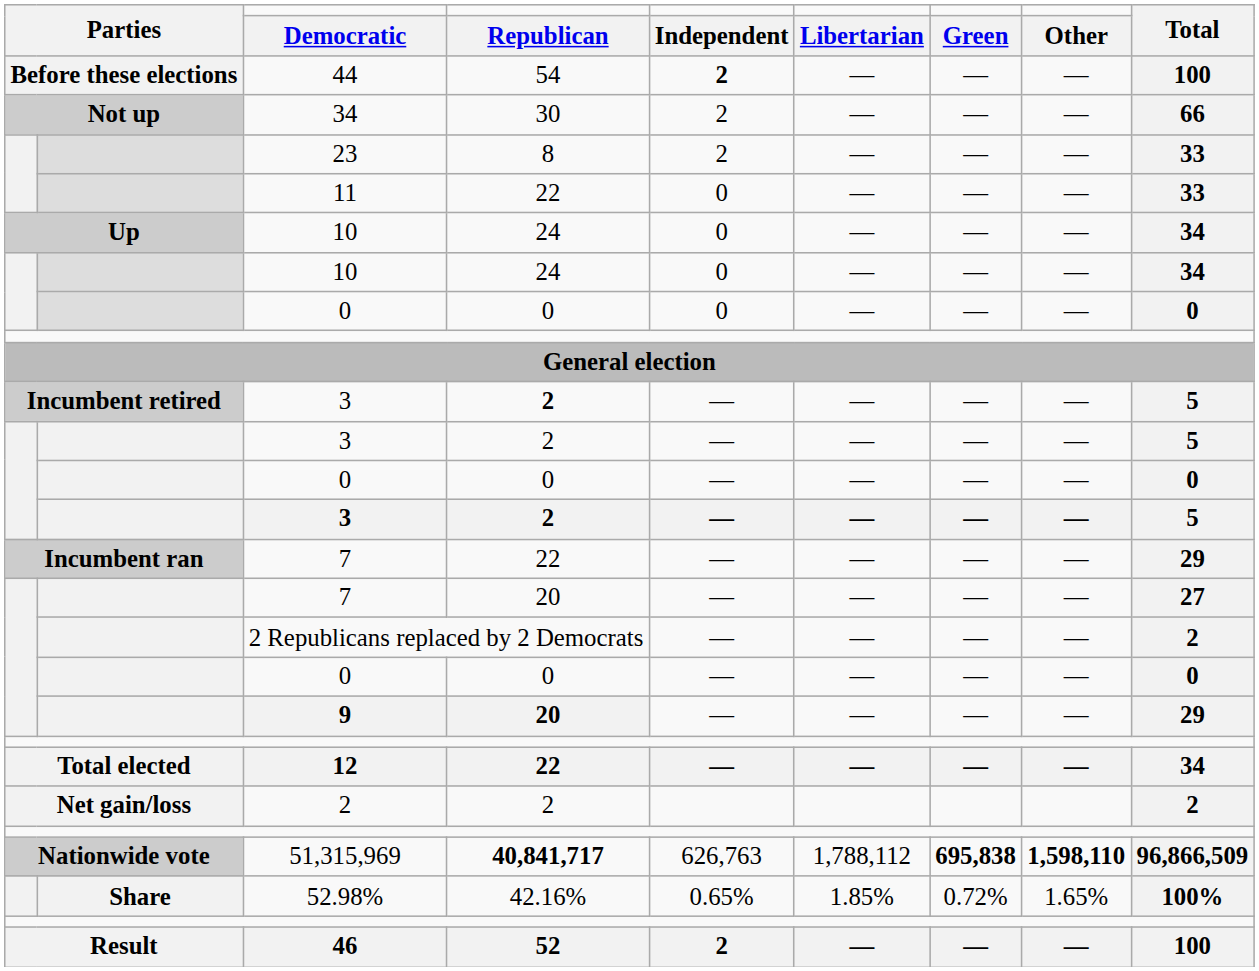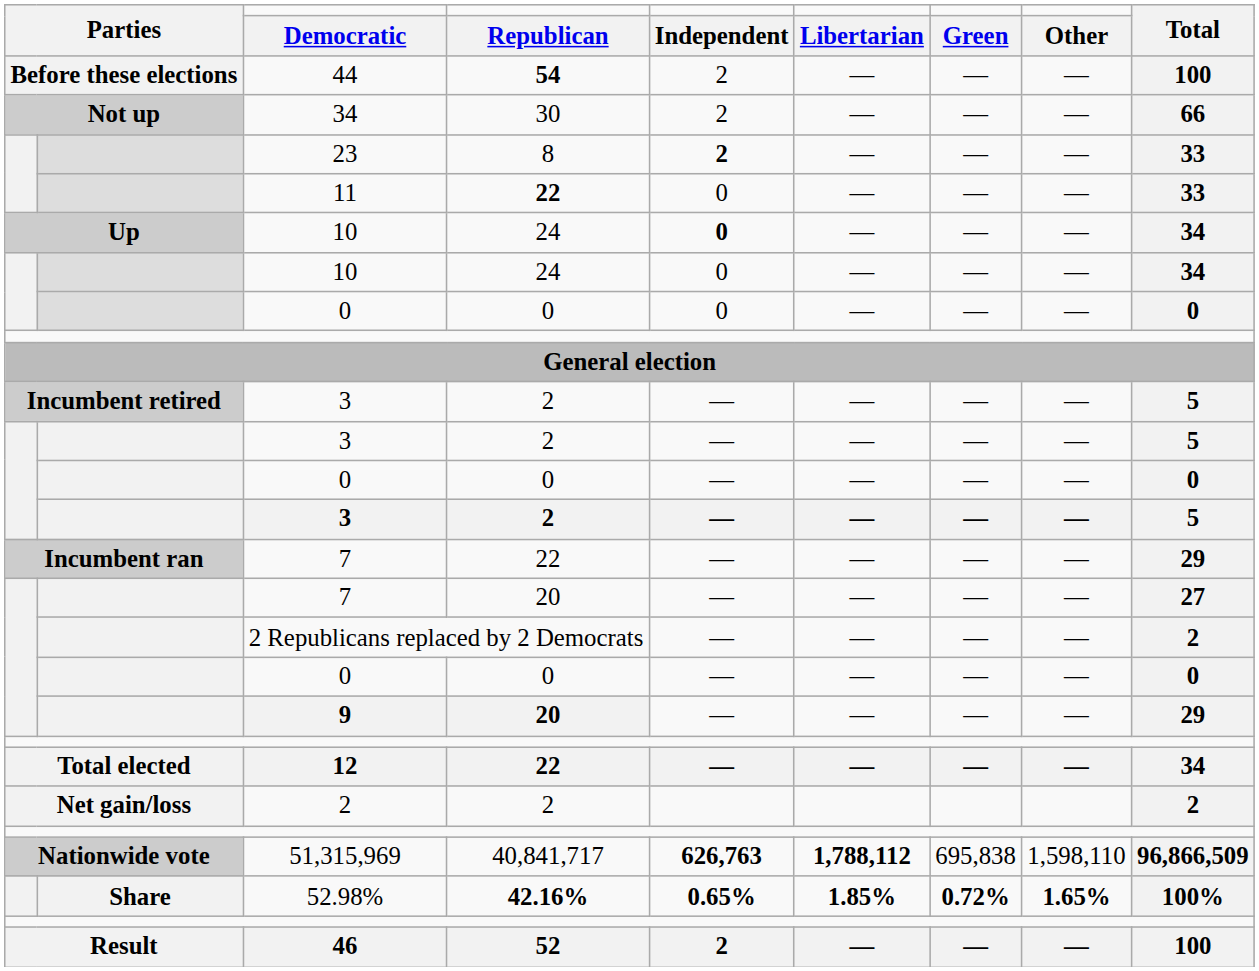 <table class=wikitable style=text-align:center>
 <tr>
 <th colspan=2 rowspan=2>Parties</th>
 <td style="background-color:"></td>
 <td style="background-color:"></td>
 <td style="background-color:"></td>
 <td style="background-color:"></td>
 <td style="background-color:"></td>
 <td></td>
 <th rowspan="2">Total</th>
 </tr>
 <tr>
 <th><a href='#'>Democratic</a></th>
 <th><a href='#'>Republican</a></th>
 <th>Independent</th>
 <th><a href='#'>Libertarian</a></th>
 <th><a href='#'>Green</a></th>
 <th>Other</th>
 </tr>
 <tr>
 <th colspan=2>Before these elections</th>
 <td>44</td>
-<td>54</td>
-<td><strong>2</strong></td>
+<td><strong>54</strong></td>
+<td>2</td>
 <td>—</td>
 <td>—</td>
 <td>—</td>
 <th>100</th>
 </tr>
 <tr>
 <th colspan=2 style="background:#ccc">Not up</th>
 <td>34</td>
 <td>30</td>
 <td>2</td>
 <td>—</td>
 <td>—</td>
 <td>—</td>
 <th>66</th>
 </tr>
 <tr>
 <th rowspan=2></th>
 <th style="background:#ddd"></th>
 <td>23</td>
 <td>8</td>
-<td>2</td>
+<td><strong>2</strong></td>
 <td>—</td>
 <td>—</td>
 <td>—</td>
 <th>33</th>
 </tr>
 <tr>
 <th style="background:#ddd"></th>
 <td>11</td>
-<td>22</td>
+<td><strong>22</strong></td>
 <td>0</td>
 <td>—</td>
 <td>—</td>
 <td>—</td>
 <th>33</th>
 </tr>
 <tr>
 <th colspan=2 style="background:#ccc">Up</th>
 <td>10</td>
 <td>24</td>
-<td>0</td>
+<td><strong>0</strong></td>
 <td>—</td>
 <td>—</td>
 <td>—</td>
 <th>34</th>
 </tr>
 <tr>
 <th rowspan=2></th>
 <th style="background:#ddd"></th>
 <td>10</td>
 <td>24</td>
 <td>0</td>
 <td>—</td>
 <td>—</td>
 <td>—</td>
 <th>34</th>
 </tr>
 <tr>
 <th style="background:#ddd"></th>
 <td>0</td>
 <td>0</td>
 <td>0</td>
 <td>—</td>
 <td>—</td>
 <td>—</td>
 <th>0</th>
 </tr>
 <tr>
 <td colspan="100"></td>
 </tr>
 <tr>
 <th colspan="9" style="background:#bbb">General election</th>
 </tr>
 <tr>
 <th colspan=2 style="background:#ccc">Incumbent retired</th>
 <td>3 </td>
-<td><strong>2 </strong></td>
+<td>2 </td>
 <td>—</td>
 <td>—</td>
 <td>—</td>
 <td>—</td>
 <th>5</th>
 </tr>
 <tr>
 <th rowspan=3></th>
 <th></th>
 <td>3</td>
 <td>2</td>
 <td>—</td>
 <td>—</td>
 <td>—</td>
 <td>—</td>
 <th>5</th>
 </tr>
 <tr>
 <th></th>
 <td>0</td>
 <td>0</td>
 <td>—</td>
 <td>—</td>
 <td>—</td>
 <td>—</td>
 <th>0</th>
 </tr>
 <tr>
 <th></th>
 <th>3</th>
 <th>2</th>
 <th>—</th>
 <th>—</th>
 <th>—</th>
 <th>—</th>
 <th>5</th>
 </tr>
 <tr>
 <th colspan=2 style="background:#ccc">Incumbent ran</th>
 <td>7</td>
 <td>22</td>
 <td>—</td>
 <td>—</td>
 <td>—</td>
 <td>—</td>
 <th>29</th>
 </tr>
 <tr>
 <th rowspan=4></th>
 <th></th>
 <td>7</td>
 <td>20</td>
 <td>—</td>
 <td>—</td>
 <td>—</td>
 <td>—</td>
 <th>27</th>
 </tr>
 <tr>
 <th></th>
 <td colspan=2 > 2 Republicans replaced by  2 Democrats</td>
 <td>—</td>
 <td>—</td>
 <td>—</td>
 <td>—</td>
 <th>2</th>
 </tr>
 <tr>
 <th></th>
 <td>0</td>
 <td>0</td>
 <td>—</td>
 <td>—</td>
 <td>—</td>
 <td>—</td>
 <th>0</th>
 </tr>
 <tr>
 <th></th>
 <th>9</th>
 <th>20</th>
 <td>—</td>
 <td>—</td>
 <td>—</td>
 <td>—</td>
 <th>29</th>
 </tr>
 <tr>
 <td colspan="100"></td>
 </tr>
 <tr>
 <th colspan=2>Total elected</th>
 <th>12</th>
 <th>22</th>
 <th>—</th>
 <th>—</th>
 <th>—</th>
 <th>—</th>
 <th>34</th>
 </tr>
 <tr>
 <th colspan=2>Net gain/loss</th>
 <td> 2</td>
 <td> 2</td>
 <td></td>
 <td></td>
 <td></td>
 <td></td>
 <th>2</th>
 </tr>
 <tr>
 <td colspan="100"></td>
 </tr>
 <tr>
 <th colspan=2 style="background:#ccc">Nationwide vote</th>
 <td>51,315,969</td>
-<td><strong>40,841,717</strong></td>
-<td>626,763</td>
-<td>1,788,112</td>
-<td><strong>695,838</strong></td>
-<td><strong>1,598,110</strong></td>
+<td>40,841,717</td>
+<td><strong>626,763</strong></td>
+<td><strong>1,788,112</strong></td>
+<td>695,838</td>
+<td>1,598,110</td>
 <th>96,866,509</th>
 </tr>
 <tr>
 <th></th>
 <th>Share</th>
 <td>52.98%</td>
-<td>42.16%</td>
-<td>0.65%</td>
-<td>1.85%</td>
-<td>0.72%</td>
-<td>1.65%</td>
+<td><strong>42.16%</strong></td>
+<td><strong>0.65%</strong></td>
+<td><strong>1.85%</strong></td>
+<td><strong>0.72%</strong></td>
+<td><strong>1.65%</strong></td>
 <th>100%</th>
 </tr>
 <tr>
 <td colspan="100"></td>
 </tr>
 <tr>
 <th colspan=2><strong>Result</strong></th>
 <th>46</th>
 <th>52</th>
 <th>2</th>
 <th>—</th>
 <th>—</th>
 <th>—</th>
 <th>100</th>
 </tr>
 </table>
